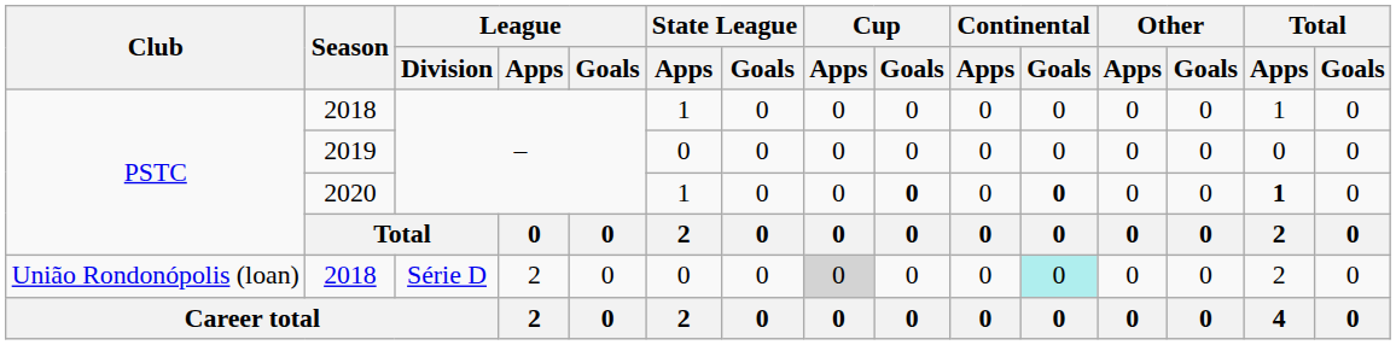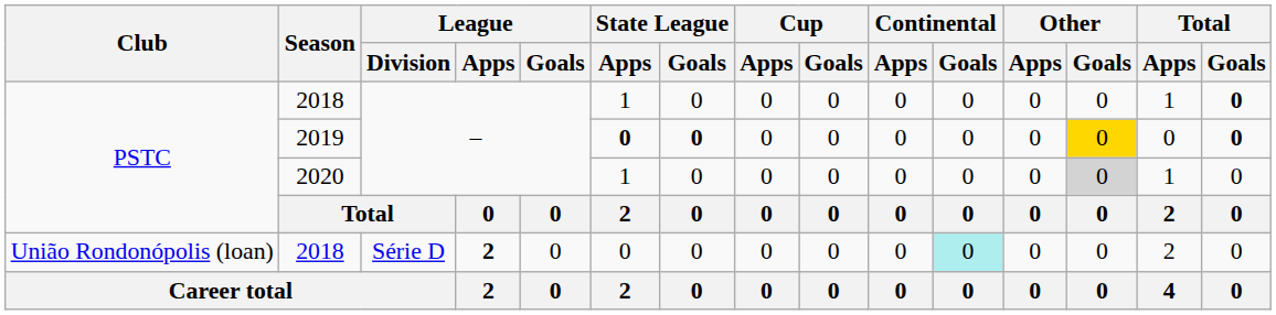 <table class="wikitable" style="text-align: center">
 <tr>
 <th rowspan="2">Club</th>
 <th rowspan="2">Season</th>
 <th colspan="3">League</th>
 <th colspan="2">State League</th>
 <th colspan="2">Cup</th>
 <th colspan="2">Continental</th>
 <th colspan="2">Other</th>
 <th colspan="2">Total</th>
 </tr>
 <tr>
 <th>Division</th>
 <th>Apps</th>
 <th>Goals</th>
 <th>Apps</th>
 <th>Goals</th>
 <th>Apps</th>
 <th>Goals</th>
 <th>Apps</th>
 <th>Goals</th>
 <th>Apps</th>
 <th>Goals</th>
 <th>Apps</th>
 <th>Goals</th>
 </tr>
 <tr>
 <td rowspan="4"><a href='#'>PSTC</a></td>
 <td>2018</td>
 <td rowspan="3" colspan="3">–</td>
 <td>1</td>
 <td>0</td>
 <td>0</td>
 <td>0</td>
 <td>0</td>
 <td>0</td>
 <td>0</td>
 <td>0</td>
 <td>1</td>
-<td>0</td>
+<td><strong>0</strong></td>
 </tr>
 <tr>
 <td>2019</td>
+<td><strong>0</strong></td>
+<td><strong>0</strong></td>
+<td>0</td>
+<td>0</td>
+<td>0</td>
+<td>0</td>
+<td>0</td>
+<td style="background: gold;">0</td>
+<td>0</td>
+<td><strong>0</strong></td>
+</tr>
+<tr>
+<td>2020</td>
+<td>1</td>
 <td>0</td>
 <td>0</td>
 <td>0</td>
 <td>0</td>
 <td>0</td>
 <td>0</td>
-<td>0</td>
-<td>0</td>
-<td>0</td>
-<td>0</td>
-</tr>
-<tr>
-<td>2020</td>
+<td style="background: lightgrey;">0</td>
 <td>1</td>
-<td>0</td>
-<td>0</td>
-<td><strong>0</strong></td>
-<td>0</td>
-<td><strong>0</strong></td>
-<td>0</td>
-<td>0</td>
-<td><strong>1</strong></td>
 <td>0</td>
 </tr>
 <tr>
 <th colspan="2"><strong>Total</strong></th>
 <th>0</th>
 <th>0</th>
 <th>2</th>
 <th>0</th>
 <th>0</th>
 <th>0</th>
 <th>0</th>
 <th>0</th>
 <th>0</th>
 <th>0</th>
 <th>2</th>
 <th>0</th>
 </tr>
 <tr>
 <td><a href='#'>União Rondonópolis</a> (loan)</td>
 <td><a href='#'>2018</a></td>
 <td><a href='#'>Série D</a></td>
-<td>2</td>
+<td><strong>2</strong></td>
 <td>0</td>
 <td>0</td>
 <td>0</td>
-<td style="background: lightgrey;">0</td>
+<td>0</td>
 <td>0</td>
 <td>0</td>
 <td style="background: paleturquoise;">0</td>
 <td>0</td>
 <td>0</td>
 <td>2</td>
 <td>0</td>
 </tr>
 <tr>
 <th colspan="3"><strong>Career total</strong></th>
 <th>2</th>
 <th>0</th>
 <th>2</th>
 <th>0</th>
 <th>0</th>
 <th>0</th>
 <th>0</th>
 <th>0</th>
 <th>0</th>
 <th>0</th>
 <th>4</th>
 <th>0</th>
 </tr>
 </table>
